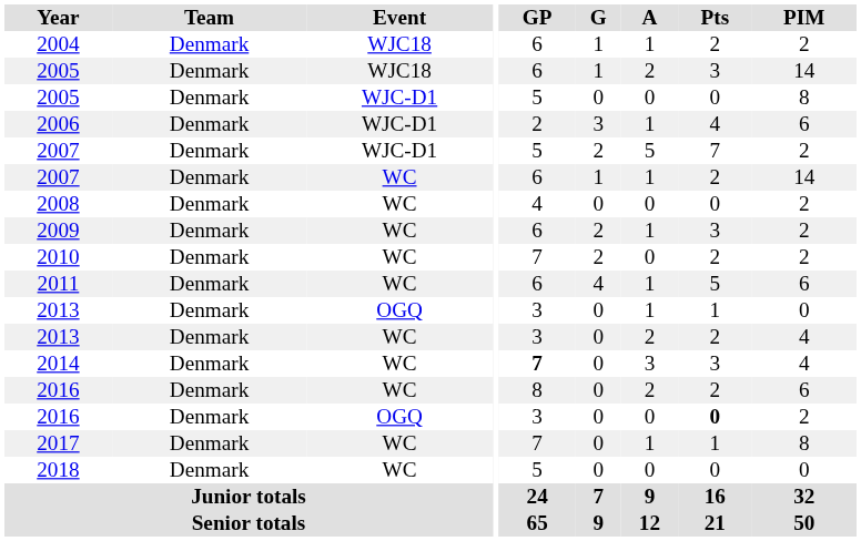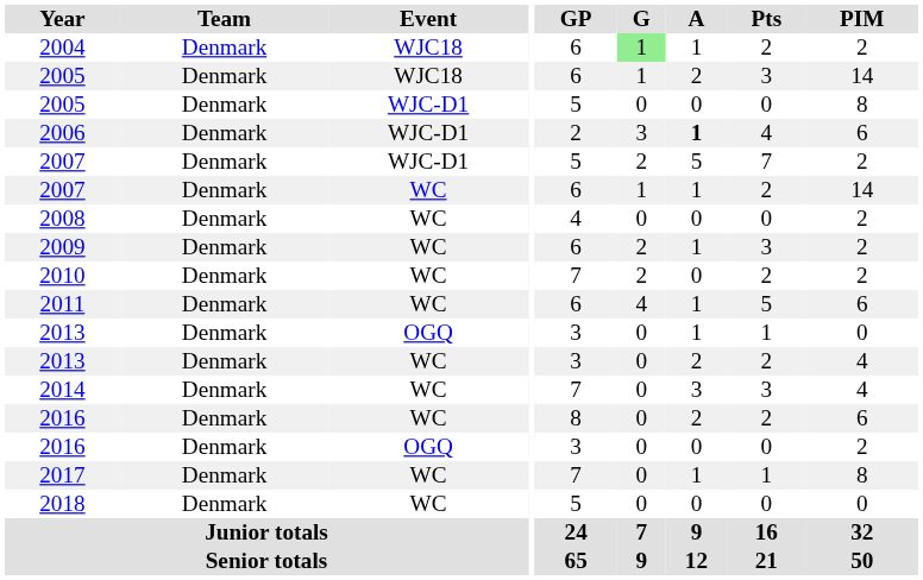 <table border="0" cellpadding="1" cellspacing="0" ID="Table3" style="text-align:center; width:40em">
 <tr ALIGN="center" bgcolor="#e0e0e0">
 <th>Year</th>
 <th>Team</th>
 <th>Event</th>
 <th rowspan="99" bgcolor="#ffffff"></th>
 <th>GP</th>
 <th>G</th>
 <th>A</th>
 <th>Pts</th>
 <th>PIM</th>
 </tr>
 <tr ALIGN="center">
 <td><a href='#'>2004</a></td>
 <td><a href='#'>Denmark</a></td>
 <td><a href='#'>WJC18</a></td>
 <td>6</td>
-<td>1</td>
+<td style="background: lightgreen;">1</td>
 <td>1</td>
 <td>2</td>
 <td>2</td>
 </tr>
 <tr ALIGN="center" bgcolor="#f0f0f0">
 <td><a href='#'>2005</a></td>
 <td>Denmark</td>
 <td>WJC18</td>
 <td>6</td>
 <td>1</td>
 <td>2</td>
 <td>3</td>
 <td>14</td>
 </tr>
 <tr ALIGN="center">
 <td><a href='#'>2005</a></td>
 <td>Denmark</td>
 <td><a href='#'>WJC-D1</a></td>
 <td>5</td>
 <td>0</td>
 <td>0</td>
 <td>0</td>
 <td>8</td>
 </tr>
 <tr ALIGN="center" bgcolor="#f0f0f0">
 <td><a href='#'>2006</a></td>
 <td>Denmark</td>
 <td>WJC-D1</td>
 <td>2</td>
 <td>3</td>
-<td>1</td>
+<td><strong>1</strong></td>
 <td>4</td>
 <td>6</td>
 </tr>
 <tr ALIGN="center">
 <td><a href='#'>2007</a></td>
 <td>Denmark</td>
 <td>WJC-D1</td>
 <td>5</td>
 <td>2</td>
 <td>5</td>
 <td>7</td>
 <td>2</td>
 </tr>
 <tr ALIGN="center" bgcolor="#f0f0f0">
 <td><a href='#'>2007</a></td>
 <td>Denmark</td>
 <td><a href='#'>WC</a></td>
 <td>6</td>
 <td>1</td>
 <td>1</td>
 <td>2</td>
 <td>14</td>
 </tr>
 <tr ALIGN="center">
 <td><a href='#'>2008</a></td>
 <td>Denmark</td>
 <td>WC</td>
 <td>4</td>
 <td>0</td>
 <td>0</td>
 <td>0</td>
 <td>2</td>
 </tr>
 <tr ALIGN="center" bgcolor="#f0f0f0">
 <td><a href='#'>2009</a></td>
 <td>Denmark</td>
 <td>WC</td>
 <td>6</td>
 <td>2</td>
 <td>1</td>
 <td>3</td>
 <td>2</td>
 </tr>
 <tr ALIGN="center">
 <td><a href='#'>2010</a></td>
 <td>Denmark</td>
 <td>WC</td>
 <td>7</td>
 <td>2</td>
 <td>0</td>
 <td>2</td>
 <td>2</td>
 </tr>
 <tr ALIGN="center" bgcolor="#f0f0f0">
 <td><a href='#'>2011</a></td>
 <td>Denmark</td>
 <td>WC</td>
 <td>6</td>
 <td>4</td>
 <td>1</td>
 <td>5</td>
 <td>6</td>
 </tr>
 <tr ALIGN="center">
 <td><a href='#'>2013</a></td>
 <td>Denmark</td>
 <td><a href='#'>OGQ</a></td>
 <td>3</td>
 <td>0</td>
 <td>1</td>
 <td>1</td>
 <td>0</td>
 </tr>
 <tr ALIGN="center" bgcolor="#f0f0f0">
 <td><a href='#'>2013</a></td>
 <td>Denmark</td>
 <td>WC</td>
 <td>3</td>
 <td>0</td>
 <td>2</td>
 <td>2</td>
 <td>4</td>
 </tr>
 <tr ALIGN="center">
 <td><a href='#'>2014</a></td>
 <td>Denmark</td>
 <td>WC</td>
-<td><strong>7</strong></td>
+<td>7</td>
 <td>0</td>
 <td>3</td>
 <td>3</td>
 <td>4</td>
 </tr>
 <tr ALIGN="center" bgcolor="#f0f0f0">
 <td><a href='#'>2016</a></td>
 <td>Denmark</td>
 <td>WC</td>
 <td>8</td>
 <td>0</td>
 <td>2</td>
 <td>2</td>
 <td>6</td>
 </tr>
 <tr ALIGN="center">
 <td><a href='#'>2016</a></td>
 <td>Denmark</td>
 <td><a href='#'>OGQ</a></td>
 <td>3</td>
 <td>0</td>
 <td>0</td>
-<td><strong>0</strong></td>
+<td>0</td>
 <td>2</td>
 </tr>
 <tr ALIGN="center" bgcolor="#f0f0f0">
 <td><a href='#'>2017</a></td>
 <td>Denmark</td>
 <td>WC</td>
 <td>7</td>
 <td>0</td>
 <td>1</td>
 <td>1</td>
 <td>8</td>
 </tr>
 <tr ALIGN="center">
 <td><a href='#'>2018</a></td>
 <td>Denmark</td>
 <td>WC</td>
 <td>5</td>
 <td>0</td>
 <td>0</td>
 <td>0</td>
 <td>0</td>
 </tr>
 <tr bgcolor="#e0e0e0">
 <th colspan="3">Junior totals</th>
 <th>24</th>
 <th>7</th>
 <th>9</th>
 <th>16</th>
 <th>32</th>
 </tr>
 <tr bgcolor="#e0e0e0">
 <th colspan="3">Senior totals</th>
 <th>65</th>
 <th>9</th>
 <th>12</th>
 <th>21</th>
 <th>50</th>
 </tr>
 </table>
